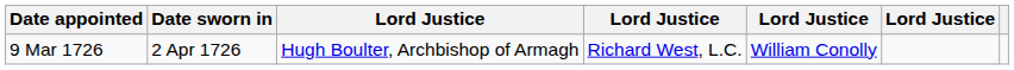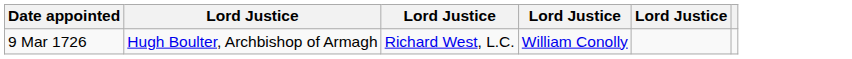 <table class="wikitable">
 <tr>
 <th>Date appointed</th>
-<th>Date sworn in</th>
 <th>Lord Justice</th>
 <th>Lord Justice</th>
 <th>Lord Justice</th>
 <th>Lord Justice</th>
 <th></th>
 </tr>
 <tr>
 <td>9 Mar 1726</td>
-<td>2 Apr 1726</td>
 <td><a href='#'>Hugh Boulter</a>, Archbishop of Armagh</td>
 <td><a href='#'>Richard West</a>, L.C.</td>
 <td><a href='#'>William Conolly</a></td>
 <td></td>
 <td></td>
 </tr>
 </table>
